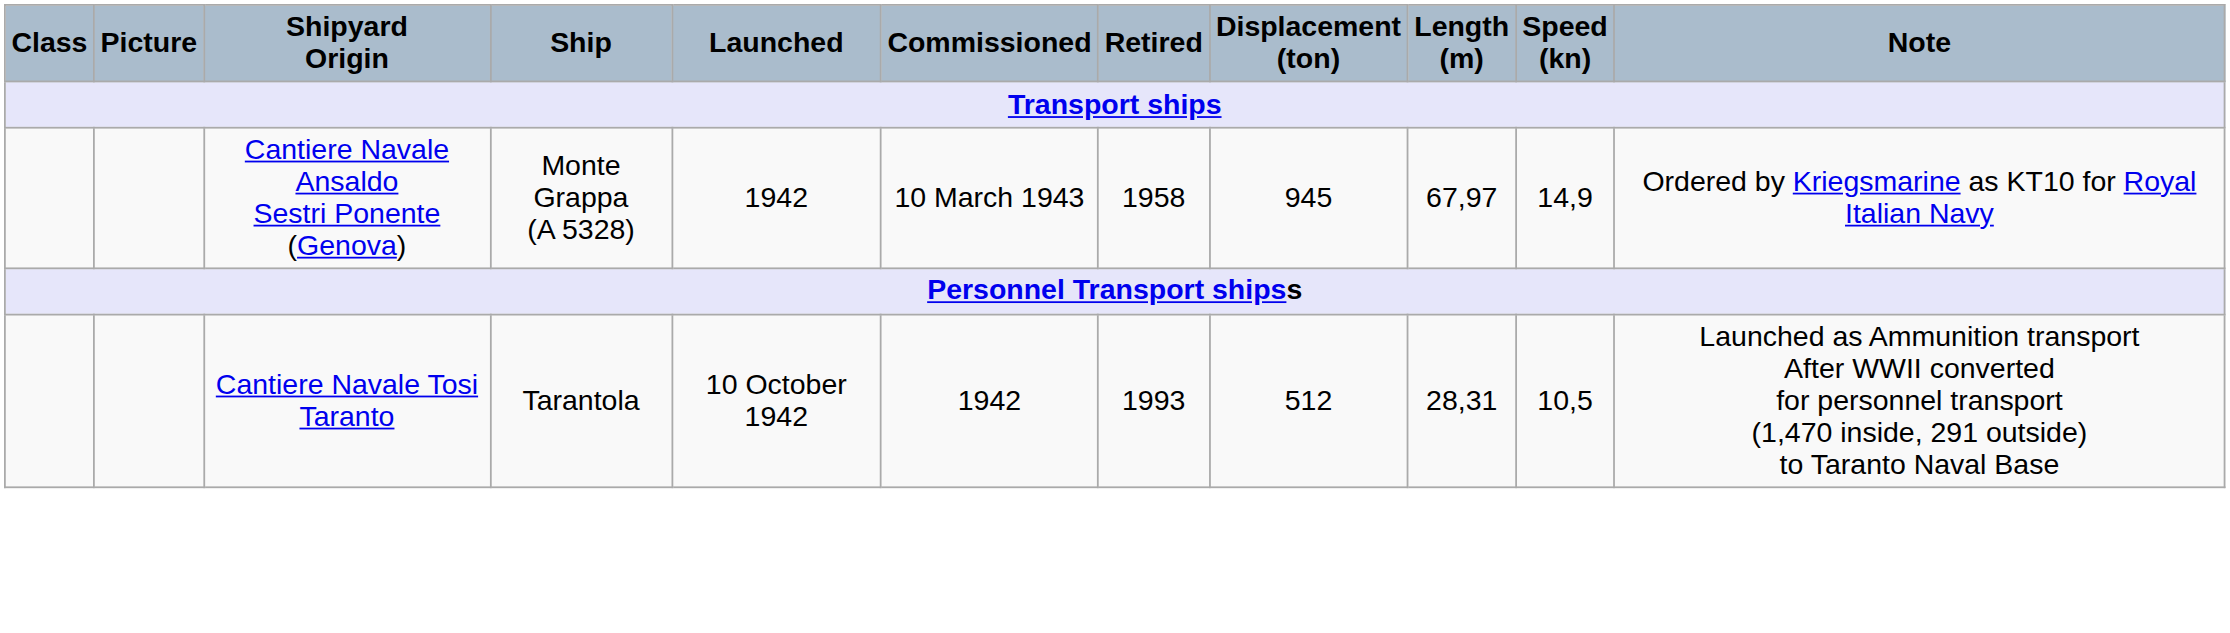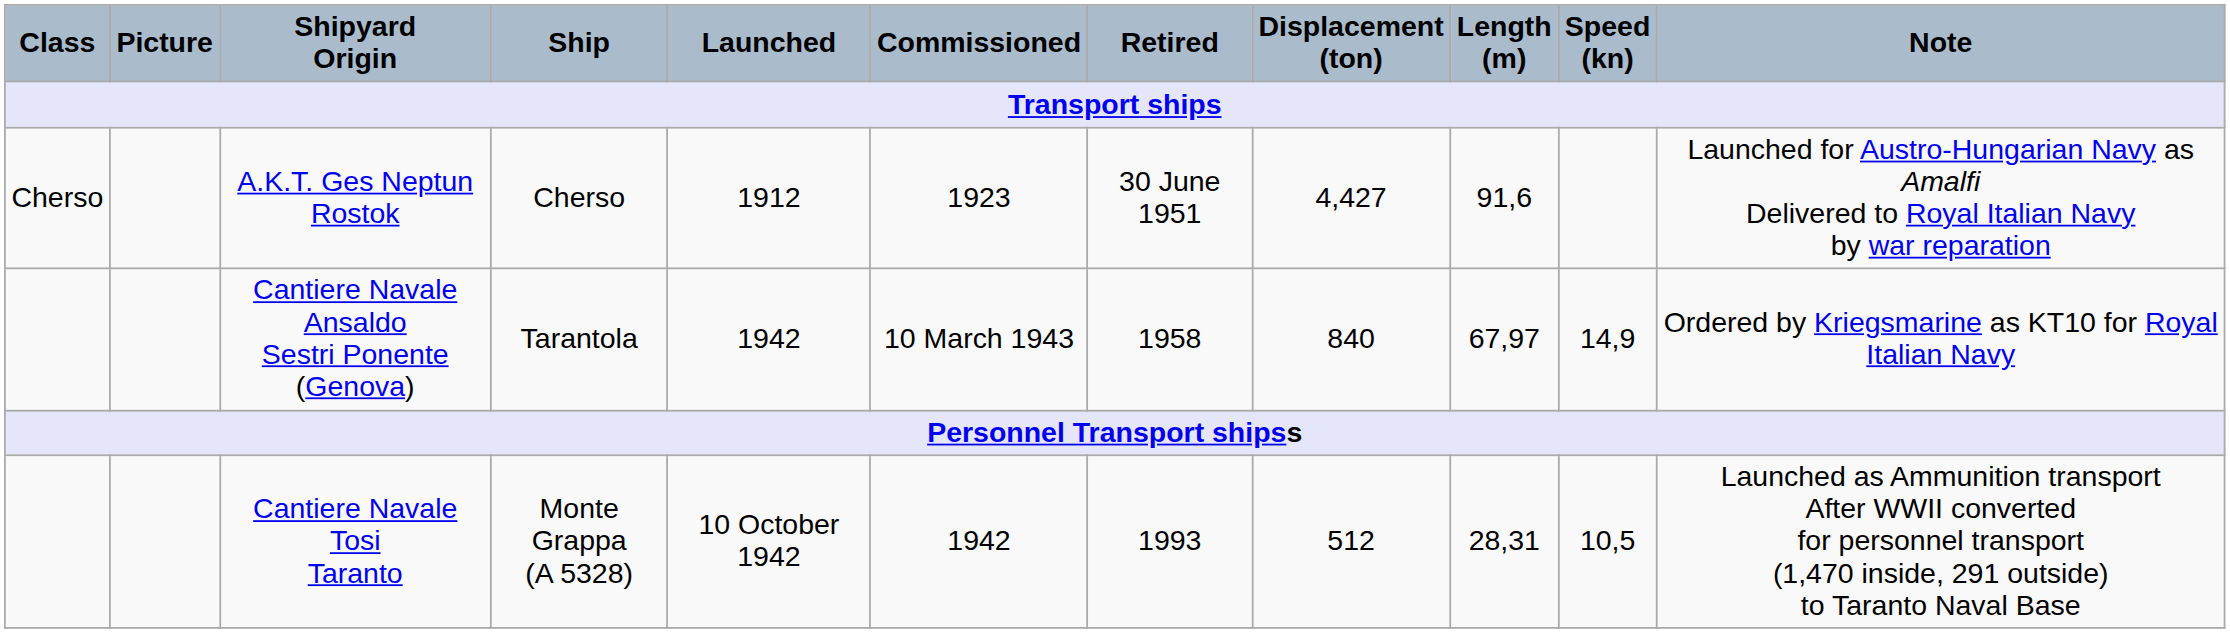 <table class="wikitable" style="text-align:center;">
 <tr>
 <th style="text-align: central; background: #aabccc;">Class</th>
 <th style="text-align: central; background: #aabccc;">Picture</th>
 <th style="text-align: central; background: #aabccc;">Shipyard<br>Origin</th>
 <th style="text-align: central; background: #aabccc;">Ship</th>
 <th style="text-align: central; background: #aabccc;">Launched</th>
 <th style="text-align: central; background: #aabccc;">Commissioned</th>
 <th style="text-align: central; background: #aabccc;">Retired</th>
 <th style="text-align: central; background: #aabccc;">Displacement<br>(ton)</th>
 <th style="text-align: central; background: #aabccc;">Length<br>(m)</th>
 <th style="text-align: central; background: #aabccc;">Speed<br>(kn)</th>
 <th style="text-align: central; background: #aabccc;">Note</th>
 </tr>
 <tr>
 <th style="align: center; background: lavender;" colspan="11"><strong><a href='#'>Transport ships</a></strong></th>
 </tr>
 <tr>
+<td>Cherso</td>
+<td></td>
+<td><a href='#'>A.K.T. Ges Neptun</a><br><a href='#'>Rostok</a><br></td>
+<td>Cherso<br></td>
+<td>1912</td>
+<td>1923</td>
+<td>30 June 1951</td>
+<td>4,427</td>
+<td>91,6</td>
+<td></td>
+<td>Launched for <a href='#'>Austro-Hungarian Navy</a> as <em>Amalfi</em><br>Delivered to <a href='#'>Royal Italian Navy</a><br>by <a href='#'>war reparation</a></td>
+</tr>
+<tr>
 <td></td>
 <td></td>
 <td><a href='#'>Cantiere Navale Ansaldo</a><br><a href='#'>Sestri Ponente</a><br>(<a href='#'>Genova</a>)<br></td>
-<td>Monte Grappa<br>(A 5328)<br> </td>
+<td>Tarantola<br></td>
 <td>1942</td>
 <td>10 March 1943</td>
 <td>1958</td>
-<td>945</td>
+<td>840</td>
 <td>67,97</td>
 <td>14,9</td>
 <td>Ordered by <a href='#'>Kriegsmarine</a> as KT10 for <a href='#'>Royal Italian Navy</a></td>
 </tr>
 <tr>
 <th style="align: center; background: lavender;" colspan="11"><strong><a href='#'>Personnel Transport ships</a>s</strong></th>
 </tr>
 <tr>
 <td></td>
 <td></td>
 <td><a href='#'>Cantiere Navale Tosi</a><br><a href='#'>Taranto</a><br></td>
-<td>Tarantola<br></td>
+<td>Monte Grappa<br>(A 5328)<br> </td>
 <td>10 October 1942</td>
 <td>1942</td>
 <td>1993</td>
 <td>512</td>
 <td>28,31</td>
 <td>10,5</td>
 <td>Launched as Ammunition transport<br>After WWII converted<br>for personnel transport<br>(1,470 inside, 291 outside)<br>to Taranto Naval Base</td>
 </tr>
 </table>
